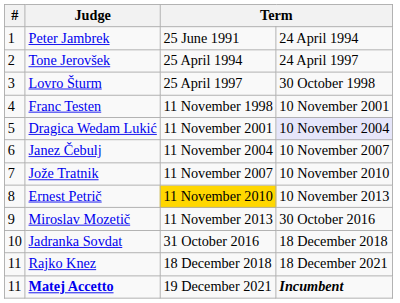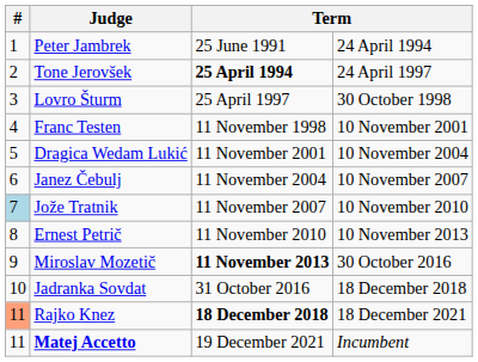 <table class="wikitable">
 <tr>
 <th>#</th>
 <th>Judge</th>
 <th colspan="2">Term</th>
 </tr>
 <tr>
 <td>1</td>
 <td><a href='#'>Peter Jambrek</a></td>
 <td>25 June 1991</td>
 <td>24 April 1994</td>
 </tr>
 <tr>
 <td>2</td>
 <td><a href='#'>Tone Jerovšek</a></td>
-<td>25 April 1994</td>
+<td><strong>25 April 1994</strong></td>
 <td>24 April 1997</td>
 </tr>
 <tr>
 <td>3</td>
 <td><a href='#'>Lovro Šturm</a></td>
 <td>25 April 1997</td>
 <td>30 October 1998</td>
 </tr>
 <tr>
 <td>4</td>
 <td><a href='#'>Franc Testen</a></td>
 <td>11 November 1998</td>
 <td>10 November 2001</td>
 </tr>
 <tr>
 <td>5</td>
 <td><a href='#'>Dragica Wedam Lukić</a></td>
 <td>11 November 2001</td>
-<td style="background: lavender;">10 November 2004</td>
+<td>10 November 2004</td>
 </tr>
 <tr>
 <td>6</td>
 <td><a href='#'>Janez Čebulj</a></td>
 <td>11 November 2004</td>
 <td>10 November 2007</td>
 </tr>
 <tr>
-<td>7</td>
+<td style="background: lightblue;">7</td>
 <td><a href='#'>Jože Tratnik</a></td>
 <td>11 November 2007</td>
 <td>10 November 2010</td>
 </tr>
 <tr>
 <td>8</td>
 <td><a href='#'>Ernest Petrič</a></td>
-<td style="background: gold;">11 November 2010</td>
+<td>11 November 2010</td>
 <td>10 November 2013</td>
 </tr>
 <tr>
 <td>9</td>
 <td><a href='#'>Miroslav Mozetič</a></td>
-<td>11 November 2013</td>
+<td><strong>11 November 2013</strong></td>
 <td>30 October 2016</td>
 </tr>
 <tr>
 <td>10</td>
 <td><a href='#'>Jadranka Sovdat</a></td>
 <td>31 October 2016</td>
 <td>18 December 2018</td>
 </tr>
 <tr>
-<td>11</td>
+<td style="background: lightsalmon;">11</td>
 <td><a href='#'>Rajko Knez</a></td>
-<td>18 December 2018</td>
+<td><strong>18 December 2018</strong></td>
 <td>18 December 2021</td>
 </tr>
 <tr>
 <td>11</td>
 <td><strong><a href='#'>Matej Accetto</a></strong></td>
 <td>19 December 2021</td>
-<td><strong><em>Incumbent</em></strong></td>
+<td><em>Incumbent</em></td>
 </tr>
 </table>
